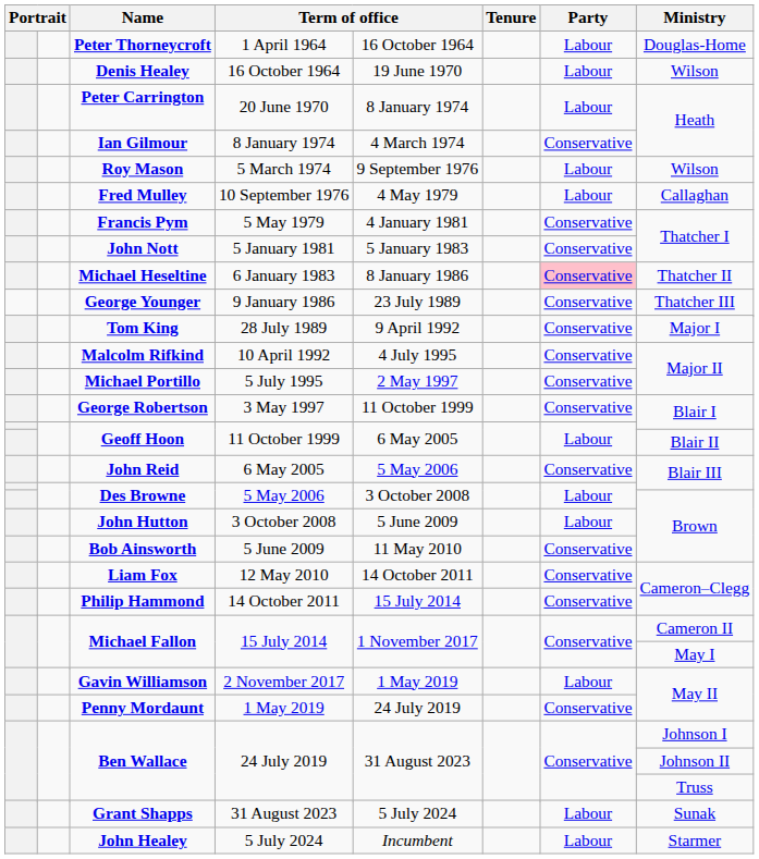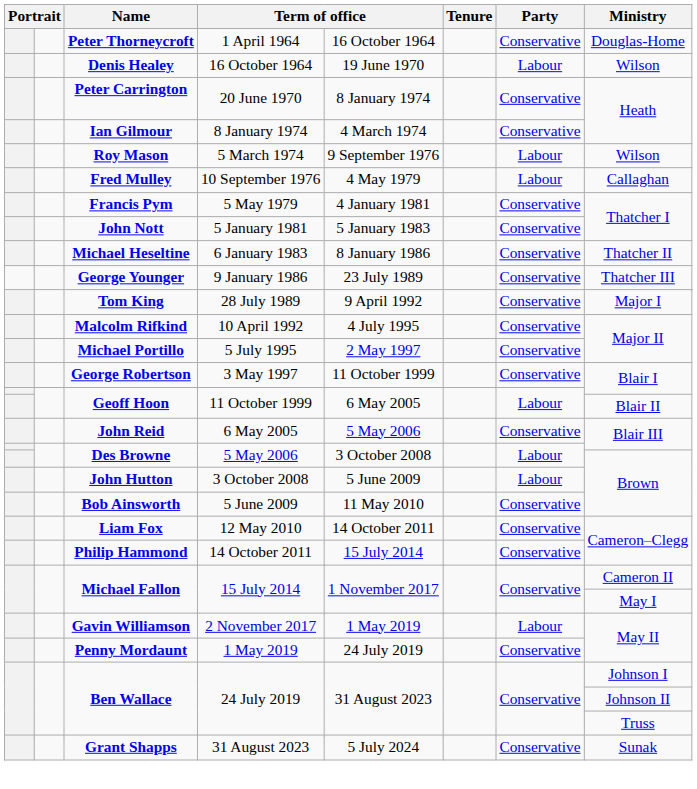 <table class="wikitable" style="text-align:center">
 <tr>
 <th colspan=2>Portrait</th>
 <th>Name<br></th>
 <th colspan=2>Term of office</th>
 <th style="width:10px">Tenure</th>
 <th>Party</th>
 <th>Ministry</th>
 </tr>
 <tr>
 <th style="background-color: "></th>
 <td></td>
 <td><strong><a href='#'>Peter Thorneycroft</a></strong><br></td>
 <td>1 April 1964</td>
 <td>16 October 1964</td>
 <td><small></small></td>
-<td><a href='#'>Labour</a></td>
+<td><a href='#'>Conservative</a></td>
 <td><a href='#'>Douglas-Home</a></td>
 </tr>
 <tr>
 <th style="background-color: "></th>
 <td></td>
 <td><strong><a href='#'>Denis Healey</a></strong><br></td>
 <td>16 October 1964</td>
 <td>19 June 1970</td>
 <td><small></small></td>
 <td><a href='#'>Labour</a></td>
 <td><a href='#'>Wilson<br></a></td>
 </tr>
 <tr>
 <th style="background-color: "></th>
 <td></td>
 <td><a href='#'><strong>Peter Carrington</strong><br></a><br></td>
 <td>20 June 1970</td>
 <td>8 January 1974</td>
 <td><small></small></td>
-<td><a href='#'>Labour</a></td>
+<td><a href='#'>Conservative</a></td>
 <td rowspan=2 ><a href='#'>Heath</a></td>
 </tr>
 <tr>
 <th style="background-color: "></th>
 <td></td>
 <td><strong><a href='#'>Ian Gilmour</a></strong><br></td>
 <td>8 January 1974</td>
 <td>4 March 1974</td>
 <td><small></small></td>
 <td><a href='#'>Conservative</a></td>
 </tr>
 <tr>
 <th style="background-color: "></th>
 <td></td>
 <td><strong><a href='#'>Roy Mason</a></strong><br></td>
 <td>5 March 1974</td>
 <td>9 September 1976</td>
 <td><small></small></td>
 <td><a href='#'>Labour</a></td>
 <td><a href='#'>Wilson<br></a></td>
 </tr>
 <tr>
 <th style="background-color: "></th>
 <td></td>
 <td><strong><a href='#'>Fred Mulley</a></strong><br></td>
 <td>10 September 1976</td>
 <td>4 May 1979</td>
 <td><small></small></td>
 <td><a href='#'>Labour</a></td>
 <td><a href='#'>Callaghan</a></td>
 </tr>
 <tr>
 <th style="background-color: "></th>
 <td></td>
 <td><strong><a href='#'>Francis Pym</a></strong><br></td>
 <td>5 May 1979</td>
 <td>4 January 1981</td>
 <td><small></small></td>
 <td><a href='#'>Conservative</a></td>
 <td rowspan=2 ><a href='#'>Thatcher I</a></td>
 </tr>
 <tr>
 <th style="background-color: "></th>
 <td></td>
 <td><strong><a href='#'>John Nott</a></strong><br></td>
 <td>5 January 1981</td>
 <td>5 January 1983</td>
 <td><small></small></td>
 <td><a href='#'>Conservative</a></td>
 </tr>
 <tr>
 <th style="background-color: "></th>
 <td></td>
 <td><strong><a href='#'>Michael Heseltine</a></strong><br></td>
 <td>6 January 1983</td>
 <td>8 January 1986</td>
 <td><small></small></td>
-<td style="background: pink;"><a href='#'>Conservative</a></td>
+<td><a href='#'>Conservative</a></td>
 <td rowspan=2 ><a href='#'>Thatcher II</a></td>
 </tr>
 <tr>
 <td rowspan=2 style="background-color: "></td>
 <td rowspan=2></td>
 <td rowspan=2><strong><a href='#'>George Younger</a></strong><br></td>
 <td rowspan=2>9 January 1986</td>
 <td rowspan=2>23 July 1989</td>
 <td rowspan=2><small></small></td>
 <td rowspan=2 ><a href='#'>Conservative</a></td>
 </tr>
 <tr>
 <td rowspan=2 ><a href='#'>Thatcher III</a></td>
 </tr>
 <tr>
 <th rowspan=2 style="background-color: "></th>
 <td rowspan=2></td>
 <td rowspan=2><strong><a href='#'>Tom King</a></strong><br></td>
 <td rowspan=2>28 July 1989</td>
 <td rowspan=2>9 April 1992</td>
 <td rowspan=2><small></small></td>
 <td rowspan=2 ><a href='#'>Conservative</a></td>
 </tr>
 <tr>
 <td><a href='#'>Major I</a></td>
 </tr>
 <tr>
 <th style="background-color: "></th>
 <td></td>
 <td><strong><a href='#'>Malcolm Rifkind</a></strong><br></td>
 <td>10 April 1992</td>
 <td>4 July 1995</td>
 <td><small></small></td>
 <td><a href='#'>Conservative</a></td>
 <td rowspan=2 ><a href='#'>Major II</a></td>
 </tr>
 <tr>
 <th style="background-color: "></th>
 <td></td>
 <td><strong><a href='#'>Michael Portillo</a></strong><br></td>
 <td>5 July 1995</td>
 <td><a href='#'>2 May 1997</a></td>
 <td><small></small></td>
 <td><a href='#'>Conservative</a></td>
 </tr>
 <tr>
 <th style="background-color: "></th>
 <td></td>
 <td><strong><a href='#'>George Robertson</a></strong><br></td>
 <td>3 May 1997</td>
 <td>11 October 1999</td>
 <td><small></small></td>
 <td><a href='#'>Conservative</a></td>
 <td rowspan=2 ><a href='#'>Blair I</a></td>
 </tr>
 <tr>
 <th style="background-color: "></th>
 <td rowspan=2></td>
 <td rowspan=2><strong><a href='#'>Geoff Hoon</a></strong><br></td>
 <td rowspan=2>11 October 1999</td>
 <td rowspan=2>6 May 2005</td>
 <td rowspan=2><small></small></td>
 <td rowspan=2 ><a href='#'>Labour</a></td>
 </tr>
 <tr>
 <th style="background-color: "></th>
 <td><a href='#'>Blair II</a></td>
 </tr>
 <tr>
 <th style="background-color: "></th>
 <td></td>
 <td><strong><a href='#'>John Reid</a></strong><br></td>
 <td>6 May 2005</td>
 <td><a href='#'>5 May 2006</a></td>
 <td><small></small></td>
 <td><a href='#'>Conservative</a></td>
 <td rowspan=2 ><a href='#'>Blair III</a></td>
 </tr>
 <tr>
 <th style="background-color: "></th>
 <td rowspan=2></td>
 <td rowspan=2><strong><a href='#'>Des Browne</a></strong><br></td>
 <td rowspan=2><a href='#'>5 May 2006</a></td>
 <td rowspan=2>3 October 2008</td>
 <td rowspan=2><small></small></td>
 <td rowspan=2 ><a href='#'>Labour</a></td>
 </tr>
 <tr>
 <th style="background-color: "></th>
 <td rowspan=3 ><a href='#'>Brown</a></td>
 </tr>
 <tr>
 <th style="background-color: "></th>
 <td></td>
 <td><strong><a href='#'>John Hutton</a></strong><br></td>
 <td>3 October 2008</td>
 <td>5 June 2009</td>
 <td><small></small></td>
 <td><a href='#'>Labour</a></td>
 </tr>
 <tr>
 <th style="background-color: "></th>
 <td></td>
 <td><strong><a href='#'>Bob Ainsworth</a></strong><br></td>
 <td>5 June 2009</td>
 <td>11 May 2010</td>
 <td><small></small></td>
 <td rowspan=1 ><a href='#'>Conservative</a></td>
 </tr>
 <tr>
 <th style="background-color: "></th>
 <td></td>
 <td><strong><a href='#'>Liam Fox</a></strong><br></td>
 <td>12 May 2010</td>
 <td>14 October 2011</td>
 <td><small></small></td>
 <td><a href='#'>Conservative</a></td>
 <td rowspan=3 ><a href='#'>Cameron–Clegg</a><br></td>
 </tr>
 <tr>
 <th style="background-color: "></th>
 <td></td>
 <td style="white-space: nowrap"><strong><a href='#'>Philip Hammond</a></strong><br></td>
 <td>14 October 2011</td>
 <td><a href='#'>15 July 2014</a></td>
 <td><small></small></td>
 <td><a href='#'>Conservative</a></td>
 </tr>
 <tr>
 <th rowspan=4 style="background-color: "></th>
 <td rowspan=4></td>
 <td rowspan=4><strong><a href='#'>Michael Fallon</a></strong><br></td>
 <td rowspan=4><a href='#'>15 July 2014</a></td>
 <td rowspan=4><a href='#'>1 November 2017</a></td>
 <td rowspan=4><small></small></td>
 <td rowspan=4 ><a href='#'>Conservative</a></td>
 </tr>
 <tr>
 <td><a href='#'>Cameron II</a></td>
 </tr>
 <tr>
 <td><a href='#'>May I</a></td>
 </tr>
 <tr>
 <td rowspan="3" ><a href='#'>May II</a></td>
 </tr>
 <tr>
 <th style="background-color: "></th>
 <td></td>
 <td><strong><a href='#'>Gavin Williamson</a></strong><br></td>
 <td><a href='#'>2 November 2017</a></td>
 <td><a href='#'>1 May 2019</a></td>
 <td><small></small></td>
 <td><a href='#'>Labour</a></td>
 </tr>
 <tr>
 <th style="background-color: "></th>
 <td></td>
 <td><strong><a href='#'>Penny Mordaunt</a></strong><br></td>
 <td><a href='#'>1 May 2019</a></td>
 <td>24 July 2019</td>
 <td><small></small></td>
 <td><a href='#'>Conservative</a></td>
 </tr>
 <tr>
 <th rowspan=4 style="background-color: "></th>
 <td rowspan=4></td>
 <td rowspan=4><strong><a href='#'>Ben Wallace</a></strong><br></td>
 <td rowspan=4>24 July 2019</td>
 <td rowspan=4>31 August 2023</td>
 <td rowspan=4><small></small></td>
 <td rowspan=4 ><a href='#'>Conservative</a></td>
 <td><a href='#'>Johnson I</a></td>
 </tr>
 <tr>
 <td><a href='#'>Johnson II</a></td>
 </tr>
 <tr>
 <td><a href='#'>Truss</a></td>
 </tr>
 <tr>
 <td rowspan="2" ><a href='#'>Sunak</a></td>
 </tr>
 <tr>
 <th rowspan=1 style="background-color: "></th>
 <td rowspan=1></td>
 <td rowspan=1><strong><a href='#'>Grant Shapps</a></strong><br></td>
 <td rowspan=1>31 August 2023</td>
 <td rowspan=1>5 July 2024</td>
 <td rowspan=1><small></small></td>
-<td><a href='#'>Labour</a></td>
-</tr>
-<tr>
-<th rowspan=1 style="background-color: "></th>
-<td rowspan=1></td>
-<td rowspan=1><strong><a href='#'>John Healey</a></strong><br></td>
-<td rowspan=1>5 July 2024</td>
-<td rowspan=1><em>Incumbent</em></td>
-<td rowspan=1><small></small></td>
-<td><a href='#'>Labour</a></td>
-<td><a href='#'>Starmer</a></td>
+<td rowspan=1 ><a href='#'>Conservative</a></td>
 </tr>
 </table>
